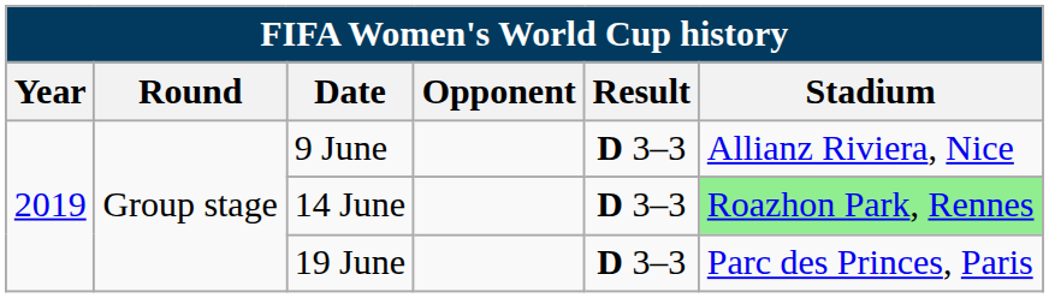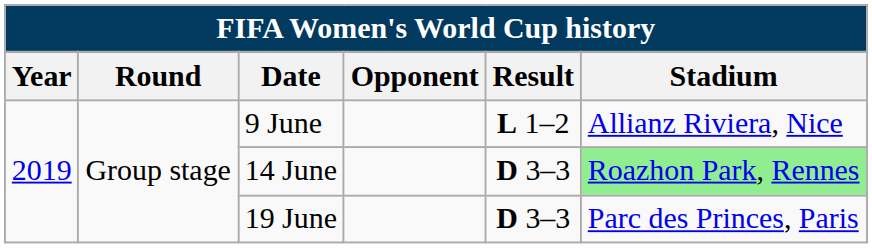 <table class="wikitable" style="text-align: center;font-size:100%;">
 <tr>
 <th colspan=6 style="background: #013A5E; color: #FFFFFF;">FIFA Women's World Cup history</th>
 </tr>
 <tr>
 <th>Year</th>
 <th>Round</th>
 <th>Date</th>
 <th>Opponent</th>
 <th>Result</th>
 <th>Stadium</th>
 </tr>
 <tr>
 <td rowspan=3> <a href='#'>2019</a></td>
 <td rowspan=3>Group stage</td>
 <td align="left">9 June</td>
 <td align="left"></td>
-<td><strong>D</strong> 3–3</td>
+<td><strong>L</strong> 1–2</td>
 <td align="left"><a href='#'>Allianz Riviera</a>, <a href='#'>Nice</a></td>
 </tr>
 <tr>
 <td align="left">14 June</td>
 <td align="left"></td>
 <td><strong>D</strong> 3–3</td>
 <td align="left" style="background: lightgreen;"><a href='#'>Roazhon Park</a>, <a href='#'>Rennes</a></td>
 </tr>
 <tr>
 <td align="left">19 June</td>
 <td align="left"></td>
 <td><strong>D</strong> 3–3</td>
 <td align="left"><a href='#'>Parc des Princes</a>, <a href='#'>Paris</a></td>
 </tr>
 </table>
